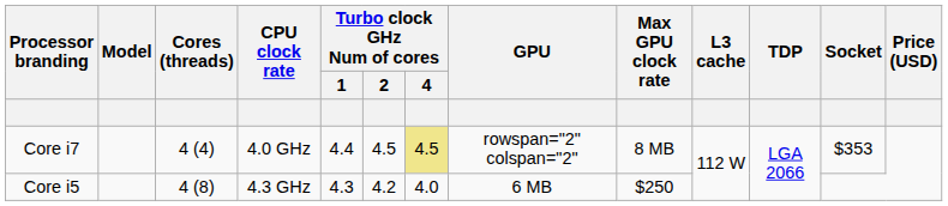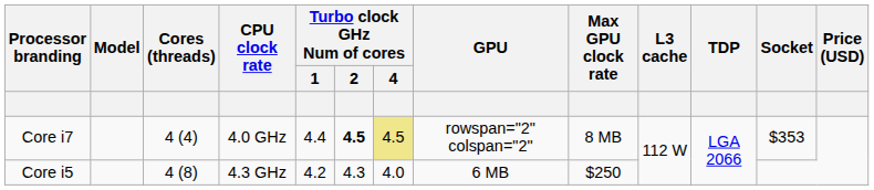 <table class="wikitable sortable hover-highlight" style="text-align: center;">
 <tr>
 <th rowspan="2">Processor<br>branding</th>
 <th rowspan="2">Model</th>
 <th rowspan="2">Cores<br>(threads)</th>
 <th rowspan="2">CPU<br><a href='#'>clock rate</a></th>
 <th colspan="3"><a href='#'>Turbo</a> clock GHz<br>Num of cores</th>
 <th rowspan="2" class="unsortable">GPU</th>
 <th rowspan="2" class="unsortable">Max GPU<br>clock rate</th>
 <th rowspan="2">L3<br>cache</th>
 <th rowspan="2" class="unsortable">TDP</th>
 <th rowspan="2" class="unsortable">Socket</th>
 <th rowspan="2">Price<br>(USD)</th>
 </tr>
 <tr>
 <th>1</th>
 <th>2</th>
 <th>4</th>
 </tr>
 <tr>
 <th style="background-position:center"><br></th>
 <th style="background-position:center"></th>
 <th style="background-position:center"></th>
 <th style="background-position:center"></th>
 <th style="background-position:center"></th>
 <th style="background-position:center"></th>
 <th style="background-position:center"></th>
 <th style="background-position:center"></th>
 <th style="background-position:center"></th>
 <th style="background-position:center"></th>
 <th style="background-position:center"></th>
 <th style="background-position:center"></th>
 <th style="background-position:center"></th>
 </tr>
 <tr>
 <td>Core i7</td>
 <td></td>
 <td>4 (4)</td>
 <td>4.0 GHz</td>
 <td>4.4</td>
-<td>4.5</td>
+<td><strong>4.5</strong></td>
 <td style="background: khaki;">4.5</td>
 <td>rowspan="2" colspan="2" </td>
 <td>8 MB</td>
 <td rowspan="2">112 W</td>
 <td rowspan="2"><a href='#'>LGA 2066</a></td>
 <td>$353</td>
 </tr>
 <tr>
 <td>Core i5</td>
 <td></td>
 <td>4 (8)</td>
 <td>4.3 GHz</td>
+<td>4.2</td>
 <td>4.3</td>
-<td>4.2</td>
 <td>4.0</td>
 <td>6 MB</td>
 <td>$250</td>
 </tr>
 </table>
